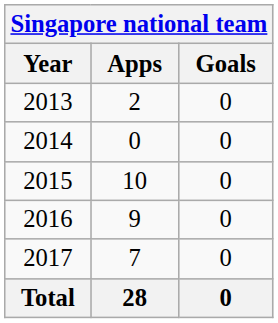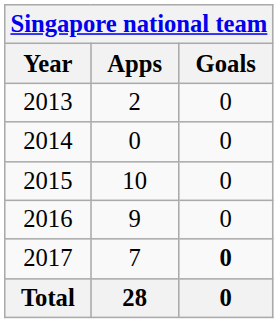 <table class="wikitable" style="text-align:center">
 <tr>
 <th colspan=3><a href='#'>Singapore national team</a></th>
 </tr>
 <tr>
 <th>Year</th>
 <th>Apps</th>
 <th>Goals</th>
 </tr>
 <tr>
 <td>2013</td>
 <td>2</td>
 <td>0</td>
 </tr>
 <tr>
 <td>2014</td>
 <td>0</td>
 <td>0</td>
 </tr>
 <tr>
 <td>2015</td>
 <td>10</td>
 <td>0</td>
 </tr>
 <tr>
 <td>2016</td>
 <td>9</td>
 <td>0</td>
 </tr>
 <tr>
 <td>2017</td>
 <td>7</td>
-<td>0</td>
+<td><strong>0</strong></td>
 </tr>
 <tr>
 <th>Total</th>
 <th>28</th>
 <th>0</th>
 </tr>
 </table>
